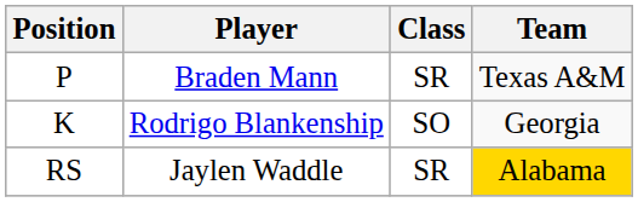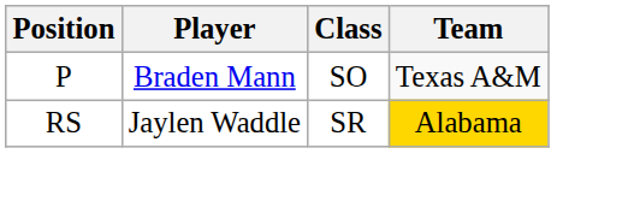 <table class="wikitable sortable">
 <tr>
 <th>Position</th>
 <th>Player</th>
 <th>Class</th>
 <th>Team</th>
 </tr>
 <tr style="text-align:center;">
 <td style="background:white">P</td>
 <td style="background:white"><a href='#'>Braden Mann</a></td>
-<td style="background:white">SR</td>
+<td style="background:white">SO</td>
 <td>Texas A&M</td>
-</tr>
-<tr style="text-align:center;">
-<td style="background:white">K</td>
-<td style="background:white"><a href='#'>Rodrigo Blankenship</a></td>
-<td style="background:white">SO</td>
-<td>Georgia</td>
 </tr>
 <tr style="text-align:center;">
 <td style="background:white">RS</td>
 <td style="background:white">Jaylen Waddle</td>
 <td style="background:white">SR</td>
 <td style="background: gold;">Alabama</td>
 </tr>
 </table>
